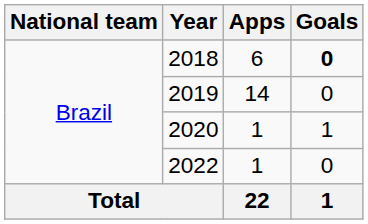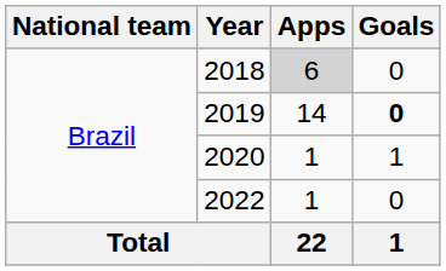 <table class="wikitable" style="text-align: center;">
 <tr>
 <th>National team</th>
 <th>Year</th>
 <th>Apps</th>
 <th>Goals</th>
 </tr>
 <tr>
 <td rowspan="4"><a href='#'>Brazil</a></td>
 <td>2018</td>
-<td>6</td>
-<td><strong>0</strong></td>
+<td style="background: lightgrey;">6</td>
+<td>0</td>
 </tr>
 <tr>
 <td>2019</td>
 <td>14</td>
-<td>0</td>
+<td><strong>0</strong></td>
 </tr>
 <tr>
 <td>2020</td>
 <td>1</td>
 <td>1</td>
 </tr>
 <tr>
 <td>2022</td>
 <td>1</td>
 <td>0</td>
 </tr>
 <tr>
 <th colspan="2">Total</th>
 <th>22</th>
 <th>1</th>
 </tr>
 </table>
